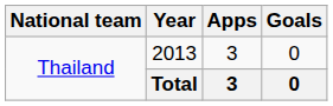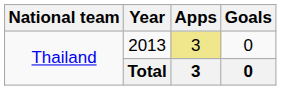 <table class="wikitable" style="text-align:center">
 <tr>
 <th>National team</th>
 <th>Year</th>
 <th>Apps</th>
 <th>Goals</th>
 </tr>
 <tr>
 <td rowspan="2" valign="center"><a href='#'>Thailand</a></td>
 <td>2013</td>
-<td>3</td>
+<td style="background: khaki;">3</td>
 <td>0</td>
 </tr>
 <tr>
 <th>Total</th>
 <th>3</th>
 <th>0</th>
 </tr>
 </table>
